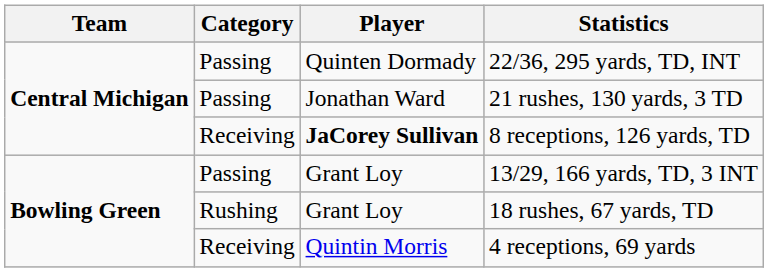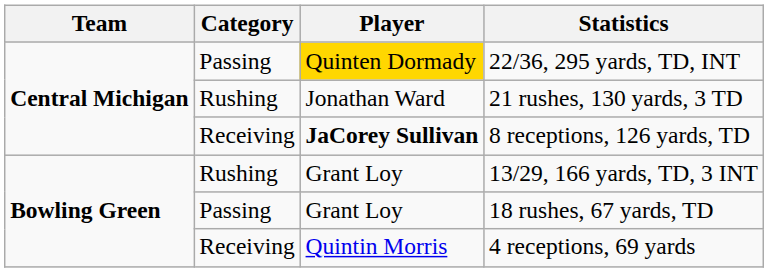 <table class="wikitable" style="float: left;">
 <tr>
 <th>Team</th>
 <th>Category</th>
 <th>Player</th>
 <th>Statistics</th>
 </tr>
 <tr>
 <td rowspan=3><strong>Central Michigan</strong></td>
 <td>Passing</td>
-<td>Quinten Dormady</td>
+<td style="background: gold;">Quinten Dormady</td>
 <td>22/36, 295 yards, TD, INT</td>
 </tr>
 <tr>
-<td>Passing</td>
+<td>Rushing</td>
 <td>Jonathan Ward</td>
 <td>21 rushes, 130 yards, 3 TD</td>
 </tr>
 <tr>
 <td>Receiving</td>
 <td><strong>JaCorey Sullivan</strong></td>
 <td>8 receptions, 126 yards, TD</td>
 </tr>
 <tr>
 <td rowspan=3><strong>Bowling Green</strong></td>
-<td>Passing</td>
+<td>Rushing</td>
 <td>Grant Loy</td>
 <td>13/29, 166 yards, TD, 3 INT</td>
 </tr>
 <tr>
-<td>Rushing</td>
+<td>Passing</td>
 <td>Grant Loy</td>
 <td>18 rushes, 67 yards, TD</td>
 </tr>
 <tr>
 <td>Receiving</td>
 <td><a href='#'>Quintin Morris</a></td>
 <td>4 receptions, 69 yards</td>
 </tr>
 </table>
